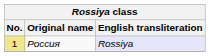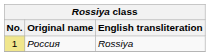 <table class="wikitable" style="text-align:center">
 <tr>
 <th colspan="3" style="text-align:center"><em>Rossiya</em> class</th>
 </tr>
 <tr>
 <th>No.</th>
 <th align=Left>Original name</th>
 <th align=Left>English transliteration</th>
 </tr>
 <tr>
 <td style="background: khaki;">1</td>
 <td align=Left><em>Россия</em></td>
-<td align=Left style="background: lavender;"><em>Rossiya</em></td>
+<td align=Left><em>Rossiya</em></td>
 </tr>
 <tr>
 </tr>
 </table>
